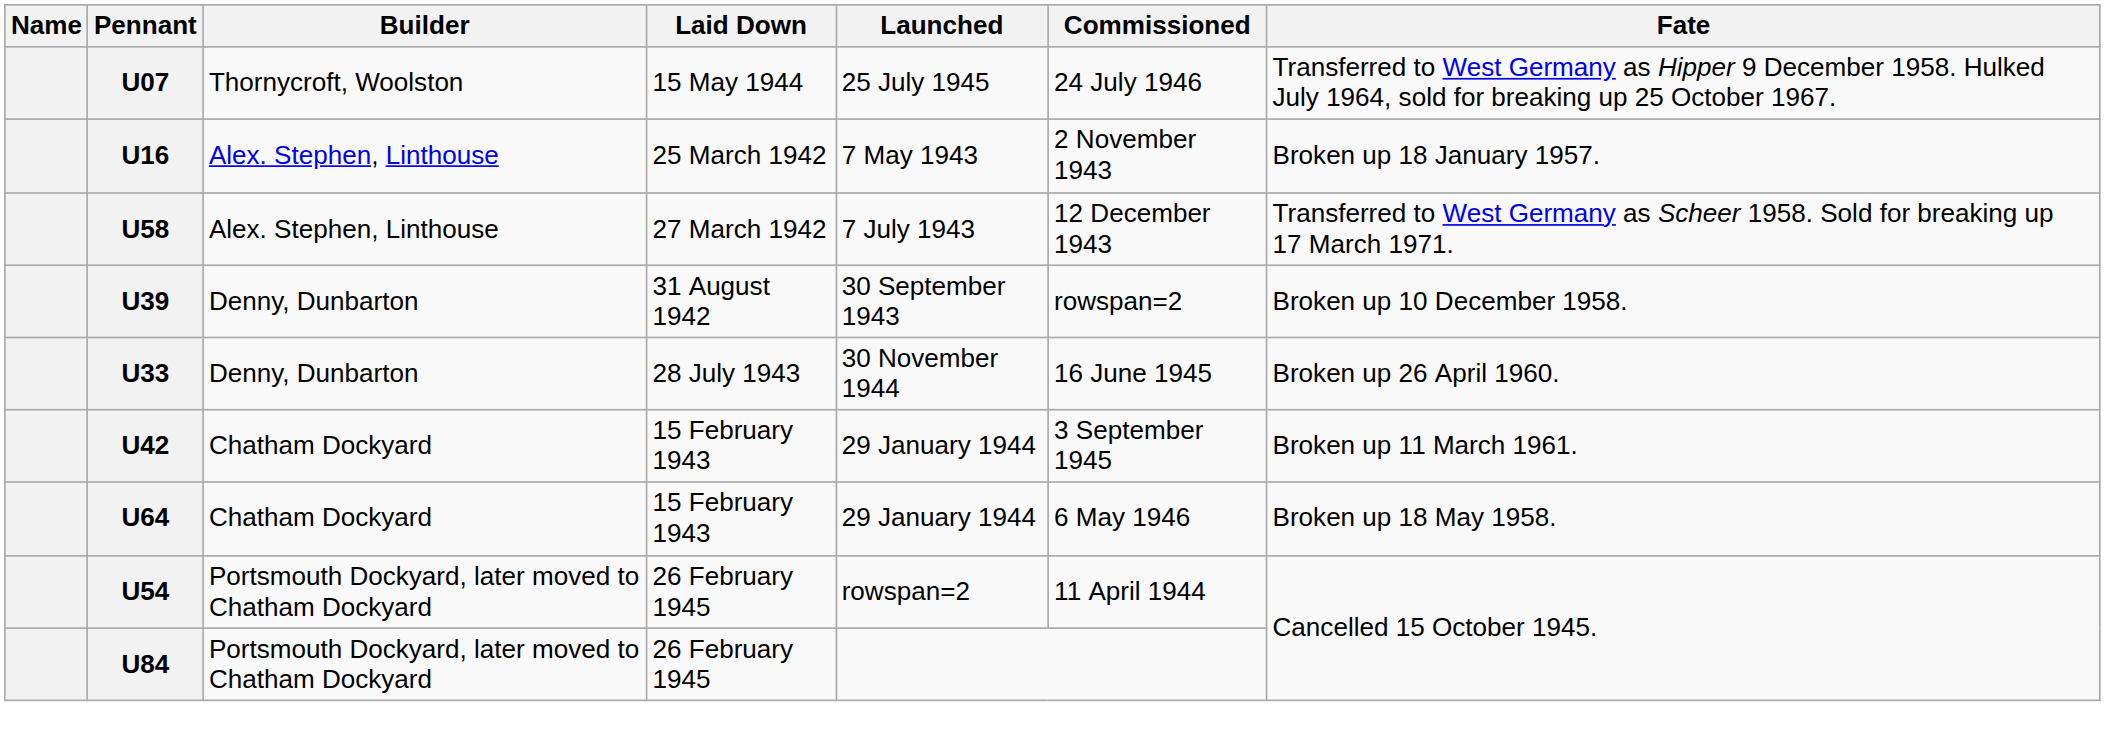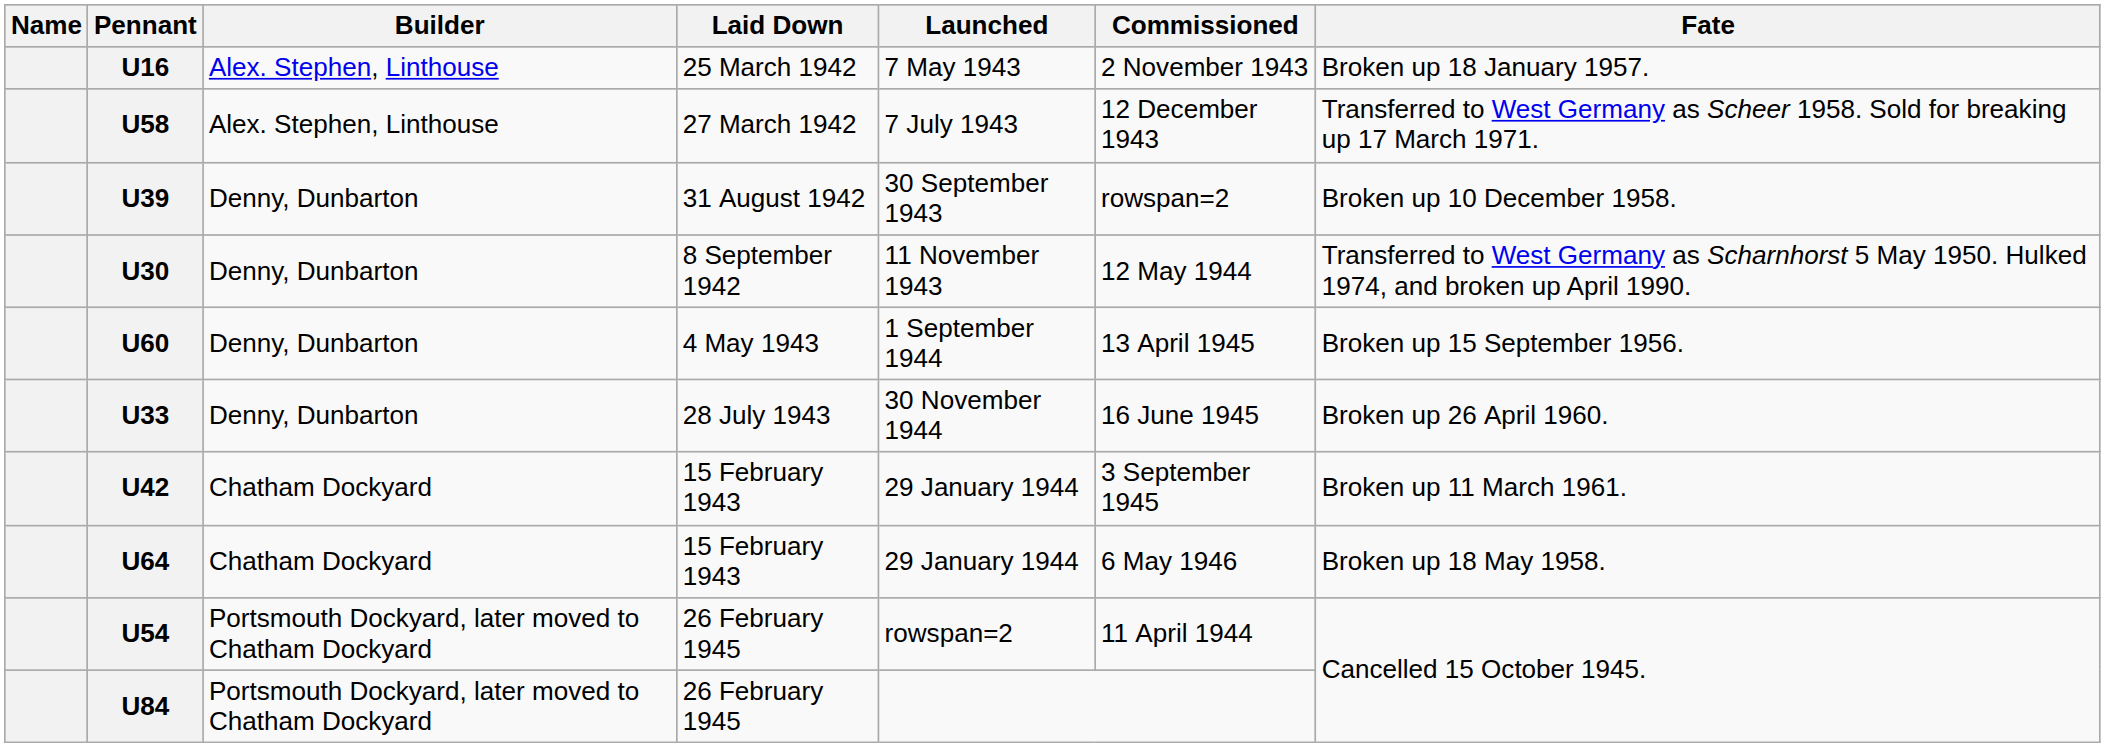 <table class="wikitable sortable plainrowheaders" style="font-size:97%;">
 <tr>
 <th scope="col">Name</th>
 <th scope="col">Pennant</th>
 <th scope="col">Builder</th>
 <th scope="col">Laid Down</th>
 <th scope="col">Launched</th>
 <th scope="col">Commissioned</th>
 <th scope="col">Fate</th>
-</tr>
-<tr>
-<th scope="row"></th>
-<th scope="row">U07</th>
-<td>Thornycroft, Woolston</td>
-<td>15 May 1944</td>
-<td>25 July 1945</td>
-<td>24 July 1946</td>
-<td>Transferred to <a href='#'>West Germany</a> as <em>Hipper</em> 9 December 1958. Hulked July 1964, sold for breaking up 25 October 1967.</td>
 </tr>
 <tr>
 <th scope="row"></th>
 <th scope="row">U16</th>
 <td><a href='#'>Alex. Stephen</a>, <a href='#'>Linthouse</a></td>
 <td>25 March 1942</td>
 <td>7 May 1943</td>
 <td>2 November 1943</td>
 <td>Broken up 18 January 1957.</td>
 </tr>
 <tr>
 <th scope="row"></th>
 <th scope="row">U58</th>
 <td>Alex. Stephen, Linthouse</td>
 <td>27 March 1942</td>
 <td>7 July 1943</td>
 <td>12 December 1943</td>
 <td>Transferred to <a href='#'>West Germany</a> as <em>Scheer</em> 1958. Sold for breaking up 17 March 1971.</td>
 </tr>
 <tr>
 <th scope="row"></th>
 <th scope="row">U39</th>
 <td>Denny, Dunbarton</td>
 <td>31 August 1942</td>
 <td>30 September 1943</td>
 <td>rowspan=2 </td>
 <td>Broken up 10 December 1958.</td>
+</tr>
+<tr>
+<th scope="row"></th>
+<th scope="row">U30</th>
+<td>Denny, Dunbarton</td>
+<td>8 September 1942</td>
+<td>11 November 1943</td>
+<td>12 May 1944</td>
+<td>Transferred to <a href='#'>West Germany</a> as <em>Scharnhorst</em> 5 May 1950. Hulked 1974, and broken up April 1990.</td>
+</tr>
+<tr>
+<th scope="row"></th>
+<th scope="row">U60</th>
+<td>Denny, Dunbarton</td>
+<td>4 May 1943</td>
+<td>1 September 1944</td>
+<td>13 April 1945</td>
+<td>Broken up 15 September 1956.</td>
 </tr>
 <tr>
 <th scope="row"></th>
 <th scope="row">U33</th>
 <td>Denny, Dunbarton</td>
 <td>28 July 1943</td>
 <td>30 November 1944</td>
 <td>16 June 1945</td>
 <td>Broken up 26 April 1960.</td>
 </tr>
 <tr>
 <th scope="row"></th>
 <th scope="row">U42</th>
 <td>Chatham Dockyard</td>
 <td>15 February 1943</td>
 <td>29 January 1944</td>
 <td>3 September 1945</td>
 <td>Broken up 11 March 1961.</td>
 </tr>
 <tr>
 <th scope="row"></th>
 <th scope="row">U64</th>
 <td>Chatham Dockyard</td>
 <td>15 February 1943</td>
 <td>29 January 1944</td>
 <td>6 May 1946</td>
 <td>Broken up 18 May 1958.</td>
 </tr>
 <tr>
 <th scope="row"></th>
 <th scope="row">U54</th>
 <td>Portsmouth Dockyard, later moved to Chatham Dockyard</td>
 <td>26 February 1945</td>
 <td>rowspan=2 </td>
 <td>11 April 1944</td>
 <td rowspan=2>Cancelled 15 October 1945.</td>
 </tr>
 <tr>
 <th scope="row"></th>
 <th scope="row">U84</th>
 <td>Portsmouth Dockyard, later moved to Chatham Dockyard</td>
 <td>26 February 1945</td>
 </tr>
 </table>
